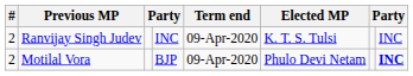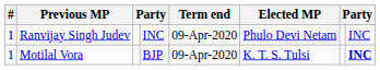 <table class="wikitable sortable">
 <tr>
 <th>#</th>
 <th>Previous MP</th>
 <th colspan="2">Party</th>
 <th>Term end</th>
 <th>Elected MP</th>
 <th colspan="2">Party</th>
 </tr>
 <tr>
-<td>2</td>
+<td>1</td>
 <td><a href='#'>Ranvijay Singh Judev</a></td>
 <td width="1px"></td>
 <td><a href='#'>INC</a></td>
 <td>09-Apr-2020</td>
-<td><a href='#'>K. T. S. Tulsi</a></td>
+<td><a href='#'>Phulo Devi Netam</a></td>
 <td></td>
 <td><a href='#'>INC</a></td>
 </tr>
 <tr>
-<td>2</td>
+<td>1</td>
 <td><a href='#'>Motilal Vora</a></td>
 <td width="1px"></td>
 <td><a href='#'>BJP</a></td>
 <td>09-Apr-2020</td>
-<td><a href='#'>Phulo Devi Netam</a></td>
+<td><a href='#'>K. T. S. Tulsi</a></td>
 <td></td>
 <td><strong><a href='#'>INC</a></strong></td>
 </tr>
 </table>
